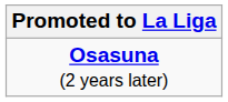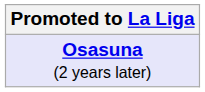 <table class="wikitable" style="text-align: center; margin: 0 auto;">
 <tr>
 <th colspan="9">Promoted to  <a href='#'>La Liga</a></th>
 </tr>
 <tr>
-<td><strong><a href='#'>Osasuna</a></strong><br><small>(2 years later)</small></td>
+<td style="background: lavender;"><strong><a href='#'>Osasuna</a></strong><br><small>(2 years later)</small></td>
 </tr>
 </table>
